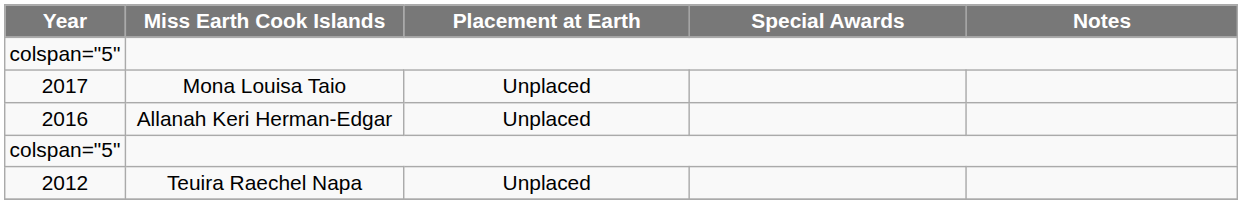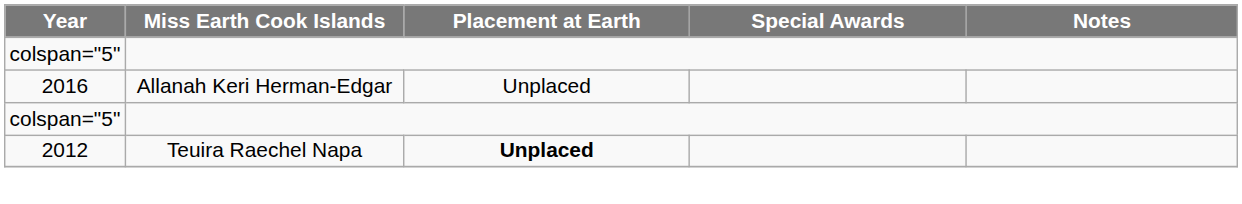 <table class="wikitable" style="font-size: 92%; text-align:center">
 <tr>
 <th width="60" style="background-color:#787878;color:#FFFFFF;">Year</th>
 <th width="250" style="background-color:#787878;color:#FFFFFF;">Miss Earth Cook Islands</th>
 <th width="250" style="background-color:#787878;color:#FFFFFF;">Placement at Earth</th>
 <th width="250" style="background-color:#787878;color:#FFFFFF;">Special Awards</th>
 <th width="250" style="background-color:#787878;color:#FFFFFF;">Notes</th>
 </tr>
 <tr>
 <td>colspan="5" </td>
-</tr>
-<tr>
-<td>2017</td>
-<td>Mona Louisa Taio</td>
-<td>Unplaced</td>
-<td></td>
-<td></td>
 </tr>
 <tr>
 <td>2016</td>
 <td>Allanah Keri Herman-Edgar</td>
 <td>Unplaced</td>
 <td></td>
 <td></td>
 </tr>
 <tr>
 <td>colspan="5" </td>
 </tr>
 <tr>
 <td>2012</td>
 <td>Teuira Raechel Napa</td>
-<td>Unplaced</td>
+<td><strong>Unplaced</strong></td>
 <td></td>
 <td></td>
 </tr>
 <tr>
 </tr>
 </table>
